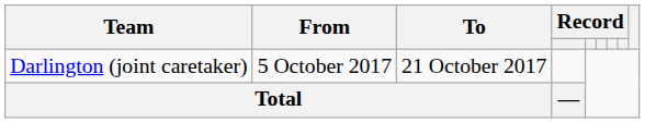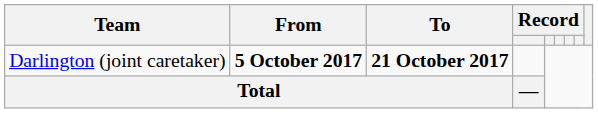 <table class=wikitable style="text-align: center">
 <tr>
 <th rowspan=2>Team</th>
 <th rowspan=2>From</th>
 <th rowspan=2>To</th>
 <th colspan=5>Record</th>
 <th rowspan=2></th>
 </tr>
 <tr>
 <th></th>
 <th></th>
 <th></th>
 <th></th>
 <th></th>
 </tr>
 <tr>
 <td align=left><a href='#'>Darlington</a> (joint caretaker)</td>
-<td align=left>5 October 2017</td>
-<td align=left>21 October 2017<br></td>
+<td align=left><strong>5 October 2017</strong></td>
+<td align=left><strong>21 October 2017<br></strong></td>
 <td></td>
 </tr>
 <tr>
 <th colspan=3>Total<br></th>
 <th>—</th>
 </tr>
 </table>
